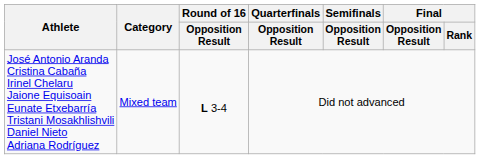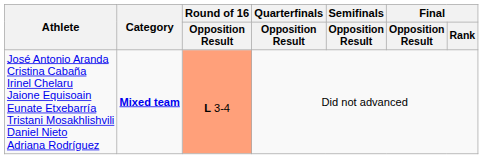 <table class="wikitable" style="text-align:center; font-size:90%">
 <tr>
 <th rowspan=2>Athlete</th>
 <th rowspan=2>Category</th>
 <th>Round of 16</th>
 <th>Quarterfinals</th>
 <th>Semifinals</th>
 <th colspan=2>Final</th>
 </tr>
 <tr style="font-size:95%">
 <th>Opposition<br>Result</th>
 <th>Opposition<br>Result</th>
 <th>Opposition<br>Result</th>
 <th>Opposition<br>Result</th>
 <th>Rank</th>
 </tr>
 <tr>
 <td align=left><a href='#'>José Antonio Aranda</a><br><a href='#'>Cristina Cabaña</a><br><a href='#'>Irinel Chelaru</a><br><a href='#'>Jaione Equisoain</a><br><a href='#'>Eunate Etxebarría</a><br><a href='#'>Tristani Mosakhlishvili</a><br><a href='#'>Daniel Nieto</a><br><a href='#'>Adriana Rodríguez</a></td>
-<td align=left><a href='#'>Mixed team</a></td>
-<td><br><strong>L</strong> 3-4</td>
+<td align=left><strong><a href='#'>Mixed team</a></strong></td>
+<td style="background: lightsalmon;"><br><strong>L</strong> 3-4</td>
 <td colspan=4>Did not advanced</td>
 </tr>
 </table>
